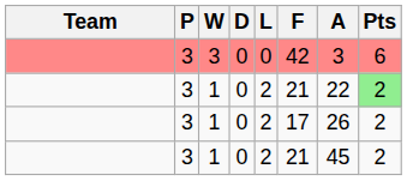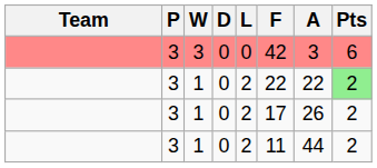 <table class="wikitable" style="text-align:center;">
 <tr>
 <th width="120px">Team</th>
 <th>P</th>
 <th>W</th>
 <th>D</th>
 <th>L</th>
 <th width="23px">F</th>
 <th width="23px">A</th>
 <th width="23px">Pts</th>
 </tr>
 <tr bgcolor="#FF8888">
 <td></td>
 <td>3</td>
 <td>3</td>
 <td>0</td>
 <td>0</td>
 <td>42</td>
 <td>3</td>
 <td>6</td>
 </tr>
 <tr>
 <td></td>
 <td>3</td>
 <td>1</td>
 <td>0</td>
 <td>2</td>
-<td>21</td>
+<td>22</td>
 <td>22</td>
 <td style="background: lightgreen;">2</td>
 </tr>
 <tr>
 <td></td>
 <td>3</td>
 <td>1</td>
 <td>0</td>
 <td>2</td>
 <td>17</td>
 <td>26</td>
 <td>2</td>
 </tr>
 <tr>
 <td></td>
 <td>3</td>
 <td>1</td>
 <td>0</td>
 <td>2</td>
-<td>21</td>
-<td>45</td>
+<td>11</td>
+<td>44</td>
 <td>2</td>
 </tr>
 </table>
